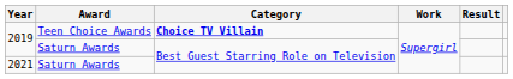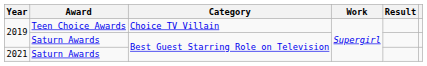 <table class="wikitable sortable">
 <tr>
 <th>Year</th>
 <th>Award</th>
 <th>Category</th>
 <th>Work</th>
 <th>Result</th>
 <th class="unsortable"></th>
 </tr>
 <tr>
 <td rowspan="2">2019</td>
 <td><a href='#'>Teen Choice Awards</a></td>
-<td><strong><a href='#'>Choice TV Villain</a></strong></td>
+<td><a href='#'>Choice TV Villain</a></td>
 <td rowspan="3"><a href='#'><em>Supergirl</em></a></td>
 <td></td>
 <td></td>
 </tr>
 <tr>
 <td><a href='#'>Saturn Awards</a></td>
 <td rowspan="2"><a href='#'>Best Guest Starring Role on Television</a></td>
 <td></td>
 <td></td>
 </tr>
 <tr>
 <td>2021</td>
 <td><a href='#'>Saturn Awards</a></td>
 <td></td>
 <td></td>
 </tr>
 </table>
